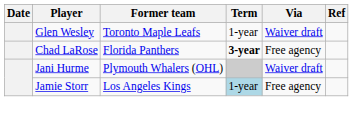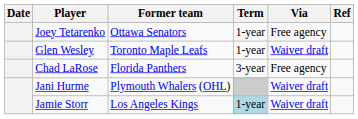 <table class="wikitable plainrowheaders">
 <tr style="background:#ddd; text-align:center;">
 <th>Date</th>
 <th>Player</th>
 <th>Former team</th>
 <th>Term</th>
 <th>Via</th>
 <th>Ref</th>
+</tr>
+<tr>
+<th scope="row"></th>
+<td><a href='#'>Joey Tetarenko</a></td>
+<td><a href='#'>Ottawa Senators</a></td>
+<td>1-year</td>
+<td>Free agency</td>
+<td></td>
 </tr>
 <tr>
 <th scope="row"></th>
 <td><a href='#'>Glen Wesley</a></td>
 <td><a href='#'>Toronto Maple Leafs</a></td>
 <td>1-year</td>
 <td><a href='#'>Waiver draft</a></td>
 <td></td>
 </tr>
 <tr>
 <th scope="row"></th>
 <td><a href='#'>Chad LaRose</a></td>
 <td><a href='#'>Florida Panthers</a></td>
-<td><strong>3-year</strong></td>
+<td>3-year</td>
 <td>Free agency</td>
 <td></td>
 </tr>
 <tr>
 <th scope="row" rowspan=2></th>
 <td><a href='#'>Jani Hurme</a></td>
 <td><a href='#'>Plymouth Whalers</a> (<a href='#'>OHL</a>)</td>
 <td style="background:#ccc"></td>
 <td><a href='#'>Waiver draft</a></td>
 <td></td>
 </tr>
 <tr>
 <td><a href='#'>Jamie Storr</a></td>
 <td><a href='#'>Los Angeles Kings</a></td>
 <td style="background: lightblue;">1-year</td>
-<td>Free agency</td>
+<td><a href='#'>Waiver draft</a></td>
 <td></td>
 </tr>
 </table>
